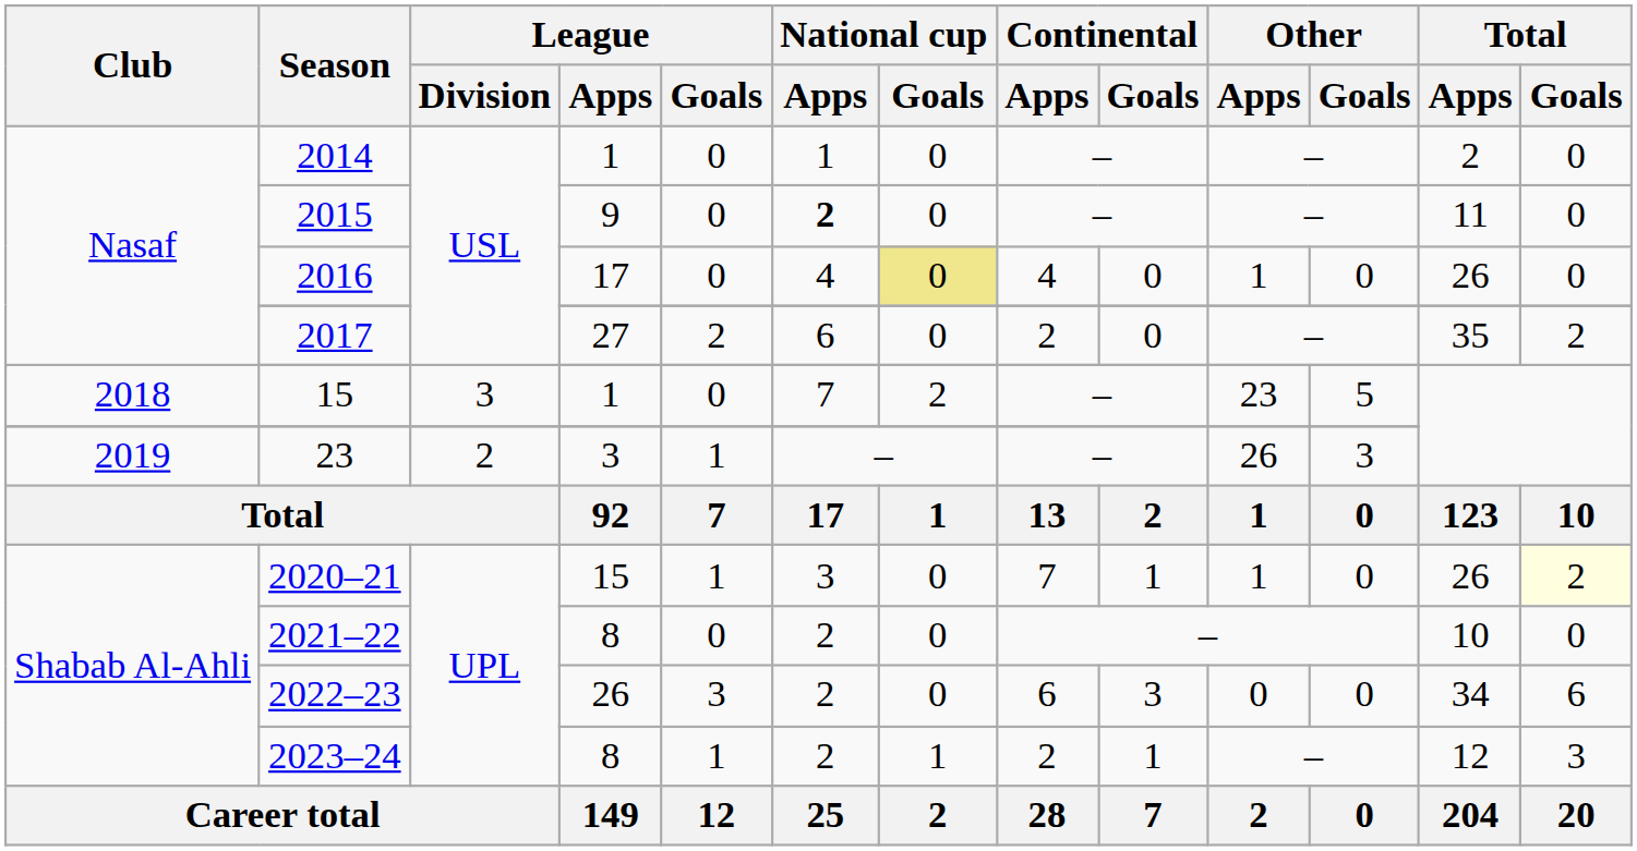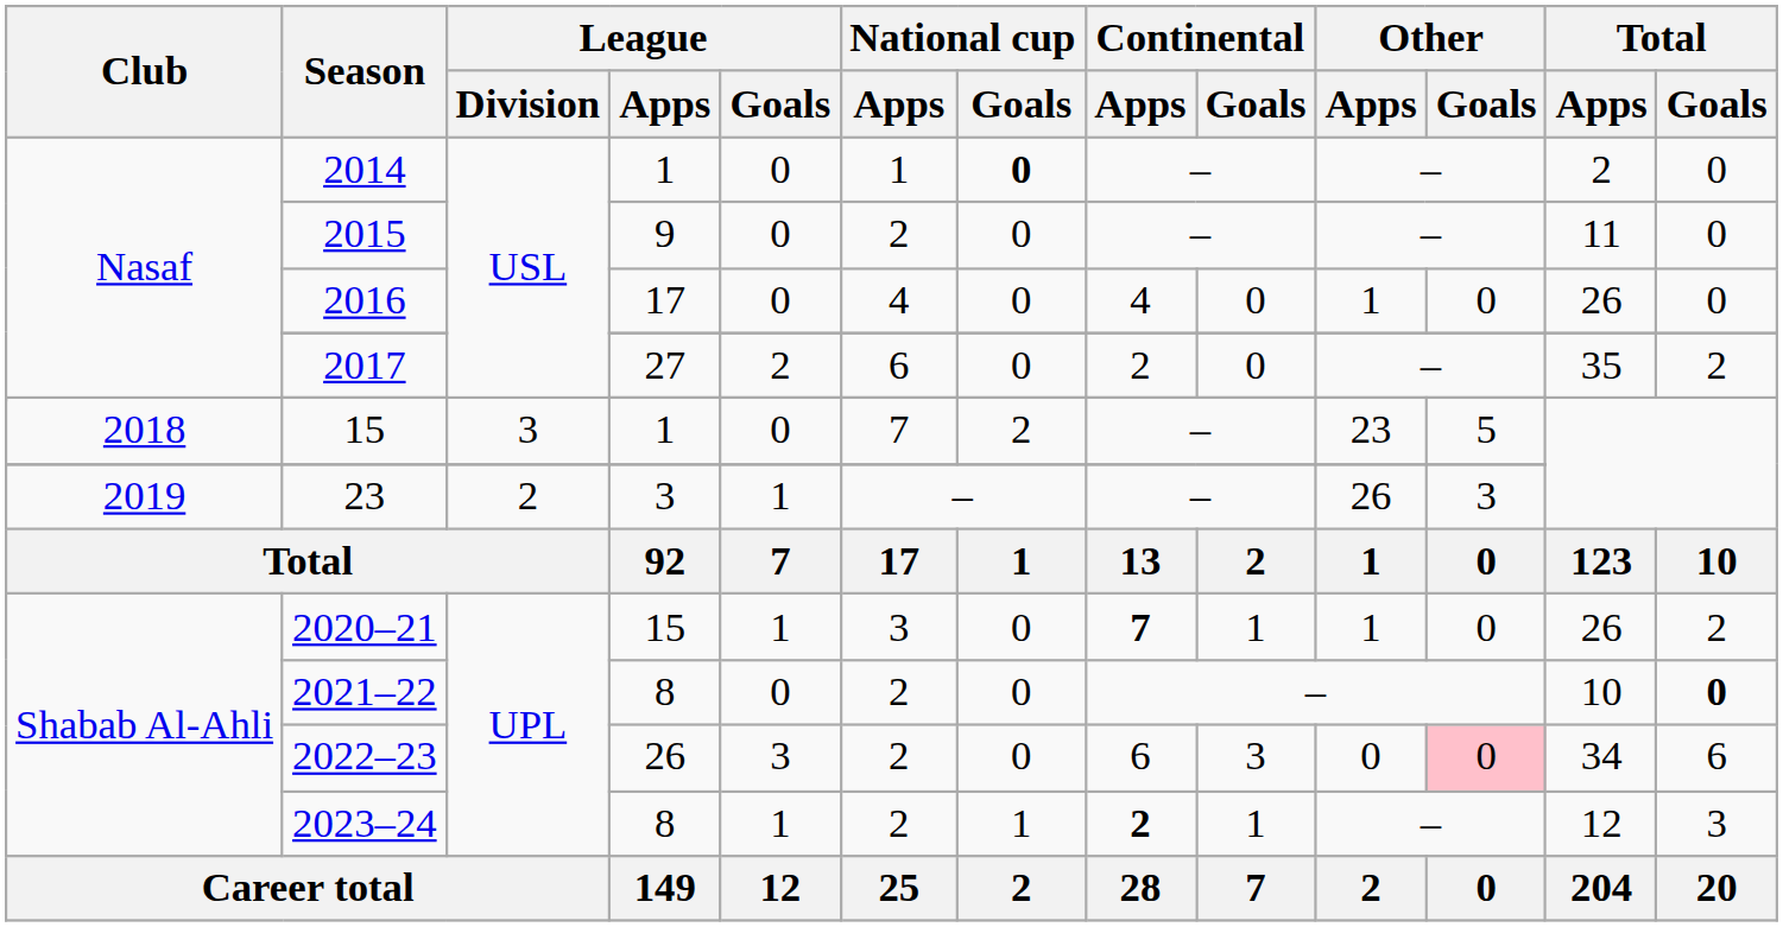 <table class="wikitable" style="text-align:center">
 <tr>
 <th rowspan="2">Club</th>
 <th rowspan="2">Season</th>
 <th colspan="3">League</th>
 <th colspan="2">National cup</th>
 <th colspan="2">Continental</th>
 <th colspan="2">Other</th>
 <th colspan="2">Total</th>
 </tr>
 <tr>
 <th>Division</th>
 <th>Apps</th>
 <th>Goals</th>
 <th>Apps</th>
 <th>Goals</th>
 <th>Apps</th>
 <th>Goals</th>
 <th>Apps</th>
 <th>Goals</th>
 <th>Apps</th>
 <th>Goals</th>
 </tr>
 <tr>
 <td rowspan="6"><a href='#'>Nasaf</a></td>
 <td><a href='#'>2014</a></td>
 <td rowspan="6"><a href='#'>USL</a></td>
 <td>1</td>
 <td>0</td>
 <td>1</td>
-<td>0</td>
+<td><strong>0</strong></td>
 <td colspan="2">–</td>
 <td colspan="2">–</td>
 <td>2</td>
 <td>0</td>
 </tr>
 <tr>
 <td><a href='#'>2015</a></td>
 <td>9</td>
 <td>0</td>
-<td><strong>2</strong></td>
+<td>2</td>
 <td>0</td>
 <td colspan="2">–</td>
 <td colspan="2">–</td>
 <td>11</td>
 <td>0</td>
 </tr>
 <tr>
 <td><a href='#'>2016</a></td>
 <td>17</td>
 <td>0</td>
 <td>4</td>
-<td style="background: khaki;">0</td>
+<td>0</td>
 <td>4</td>
 <td>0</td>
 <td>1</td>
 <td>0</td>
 <td>26</td>
 <td>0</td>
 </tr>
 <tr>
 </tr>
 <tr>
 <td><a href='#'>2017</a></td>
 <td>27</td>
 <td>2</td>
 <td>6</td>
 <td>0</td>
 <td>2</td>
 <td>0</td>
 <td colspan="2">–</td>
 <td>35</td>
 <td>2</td>
 </tr>
 <tr>
 </tr>
 <tr>
 <td><a href='#'>2018</a></td>
 <td>15</td>
 <td>3</td>
 <td>1</td>
 <td>0</td>
 <td>7</td>
 <td>2</td>
 <td colspan="2">–</td>
 <td>23</td>
 <td>5</td>
 </tr>
 <tr>
 </tr>
 <tr>
 <td><a href='#'>2019</a></td>
 <td>23</td>
 <td>2</td>
 <td>3</td>
 <td>1</td>
 <td colspan="2">–</td>
 <td colspan="2">–</td>
 <td>26</td>
 <td>3</td>
 </tr>
 <tr>
 <th colspan="3">Total</th>
 <th>92</th>
 <th>7</th>
 <th>17</th>
 <th>1</th>
 <th>13</th>
 <th>2</th>
 <th>1</th>
 <th>0</th>
 <th>123</th>
 <th>10</th>
 </tr>
 <tr>
 <td rowspan="4"><a href='#'>Shabab Al-Ahli</a></td>
 <td><a href='#'>2020–21</a></td>
 <td rowspan="4"><a href='#'>UPL</a></td>
 <td>15</td>
 <td>1</td>
 <td>3</td>
 <td>0</td>
-<td>7</td>
+<td><strong>7</strong></td>
 <td>1</td>
 <td>1</td>
 <td>0</td>
 <td>26</td>
-<td style="background: lightyellow;">2</td>
+<td>2</td>
 </tr>
 <tr>
 <td><a href='#'>2021–22</a></td>
 <td>8</td>
 <td>0</td>
 <td>2</td>
 <td>0</td>
 <td colspan="4">–</td>
 <td>10</td>
-<td>0</td>
+<td><strong>0</strong></td>
 </tr>
 <tr>
 <td><a href='#'>2022–23</a></td>
 <td>26</td>
 <td>3</td>
 <td>2</td>
 <td>0</td>
 <td>6</td>
 <td>3</td>
 <td>0</td>
-<td>0</td>
+<td style="background: pink;">0</td>
 <td>34</td>
 <td>6</td>
 </tr>
 <tr>
 <td><a href='#'>2023–24</a></td>
 <td>8</td>
 <td>1</td>
 <td>2</td>
 <td>1</td>
-<td>2</td>
+<td><strong>2</strong></td>
 <td>1</td>
 <td colspan="2">–</td>
 <td>12</td>
 <td>3</td>
 </tr>
 <tr>
 <th colspan="3">Career total</th>
 <th>149</th>
 <th>12</th>
 <th>25</th>
 <th>2</th>
 <th>28</th>
 <th>7</th>
 <th>2</th>
 <th>0</th>
 <th>204</th>
 <th>20</th>
 </tr>
 </table>
